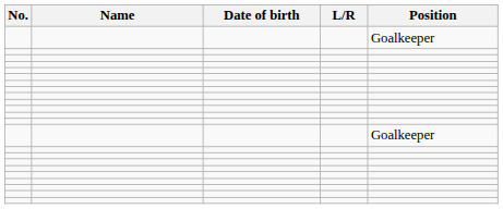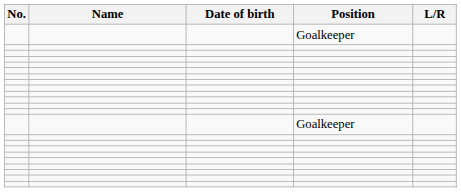 <table class="wikitable sortable" style=font-size:100%; text-align:center;>
 <tr>
 <th>No.</th>
 <th style=width:12em>Name</th>
 <th style=width:8em>Date of birth</th>
+<th style=width:9em>Position</th>
 <th style=width:3em>L/R</th>
-<th style=width:9em>Position</th>
 </tr>
 <tr>
 <td></td>
 <td align=left></td>
 <td align=right></td>
+<td>Goalkeeper</td>
 <td></td>
-<td>Goalkeeper</td>
 </tr>
 <tr>
 <td></td>
 <td align=left></td>
 <td align=right></td>
 <td></td>
 <td></td>
 </tr>
 <tr>
 <td></td>
 <td align=left></td>
 <td align=right></td>
 <td></td>
 <td></td>
 </tr>
 <tr>
 <td></td>
 <td align=left></td>
 <td align=right></td>
 <td></td>
 <td></td>
 </tr>
 <tr>
 <td></td>
 <td align=left></td>
 <td align=right></td>
 <td></td>
 <td></td>
 </tr>
 <tr>
 <td></td>
 <td align=left></td>
 <td align=right></td>
 <td></td>
 <td></td>
 </tr>
 <tr>
 <td></td>
 <td align=left></td>
 <td align=right></td>
 <td></td>
 <td></td>
 </tr>
 <tr>
 <td></td>
 <td align=left></td>
 <td align=right></td>
 <td></td>
 <td></td>
 </tr>
 <tr>
 <td></td>
 <td align=left></td>
 <td align=right></td>
 <td></td>
 <td></td>
 </tr>
 <tr>
 <td></td>
 <td align=left></td>
 <td align=right></td>
 <td></td>
 <td></td>
 </tr>
 <tr>
 <td></td>
 <td align=left></td>
 <td align=right></td>
 <td></td>
 <td></td>
 </tr>
 <tr>
 <td></td>
 <td align=left></td>
 <td align=right></td>
 <td></td>
 <td></td>
 </tr>
 <tr>
 <td></td>
 <td align=left></td>
 <td align=right></td>
 <td></td>
 <td></td>
 </tr>
 <tr>
 <td></td>
 <td align=left></td>
 <td align=right></td>
+<td>Goalkeeper</td>
 <td></td>
-<td>Goalkeeper</td>
 </tr>
 <tr>
 <td></td>
 <td align=left></td>
 <td align=right></td>
 <td></td>
 <td></td>
 </tr>
 <tr>
 <td></td>
 <td align=left></td>
 <td align=right></td>
 <td></td>
 <td></td>
 </tr>
 <tr>
 <td></td>
 <td align=left></td>
 <td align=right></td>
 <td></td>
 <td></td>
 </tr>
 <tr>
 <td></td>
 <td align=left></td>
 <td align=right></td>
 <td></td>
 <td></td>
 </tr>
 <tr>
 <td></td>
 <td align=left></td>
 <td align=right></td>
 <td></td>
 <td></td>
 </tr>
 <tr>
 <td></td>
 <td align=left></td>
 <td align=right></td>
 <td></td>
 <td></td>
 </tr>
 <tr>
 <td></td>
 <td align=left></td>
 <td align=right></td>
 <td></td>
 <td></td>
 </tr>
 <tr>
 <td></td>
 <td align=left></td>
 <td align=right></td>
 <td></td>
 <td></td>
 </tr>
 <tr>
 <td></td>
 <td align=left></td>
 <td align=right></td>
 <td></td>
 <td></td>
 </tr>
 </table>
